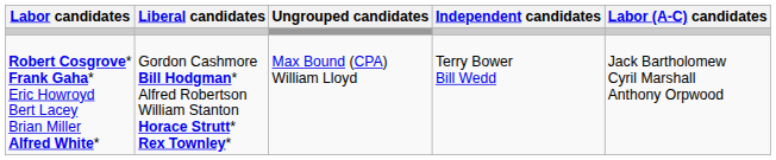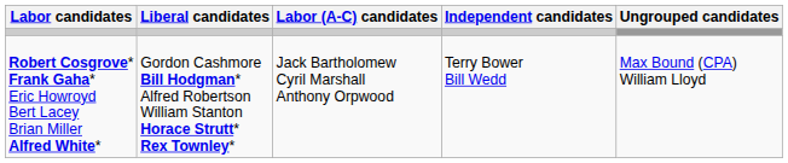 <table class="wikitable">
 <tr>
 <th><a href='#'>Labor</a> candidates</th>
 <th><a href='#'>Liberal</a> candidates</th>
+<th><a href='#'>Labor (A-C)</a> candidates</th>
+<th><a href='#'>Independent</a> candidates</th>
 <th>Ungrouped candidates</th>
-<th><a href='#'>Independent</a> candidates</th>
-<th><a href='#'>Labor (A-C)</a> candidates</th>
 </tr>
 <tr bgcolor="#cccccc">
 <td></td>
 <td></td>
-<td bgcolor="#999999"></td>
 <td></td>
 <td></td>
+<td bgcolor="#999999"></td>
 </tr>
 <tr>
 <td><br><strong><a href='#'>Robert Cosgrove</a></strong>*<br> <strong><a href='#'>Frank Gaha</a></strong>*<br> <a href='#'>Eric Howroyd</a><br> <a href='#'>Bert Lacey</a><br> <a href='#'>Brian Miller</a><br> <strong><a href='#'>Alfred White</a></strong>*</td>
 <td><br>Gordon Cashmore<br> <strong><a href='#'>Bill Hodgman</a></strong>*<br> Alfred Robertson<br> William Stanton<br> <strong><a href='#'>Horace Strutt</a></strong>*<br> <strong><a href='#'>Rex Townley</a></strong>*</td>
+<td valign=top><br>Jack Bartholomew<br> Cyril Marshall<br> Anthony Orpwood</td>
+<td valign=top><br>Terry Bower<br> <a href='#'>Bill Wedd</a></td>
 <td valign=top><br><a href='#'>Max Bound</a> (<a href='#'>CPA</a>)<br> William Lloyd</td>
-<td valign=top><br>Terry Bower<br> <a href='#'>Bill Wedd</a></td>
-<td valign=top><br>Jack Bartholomew<br> Cyril Marshall<br> Anthony Orpwood</td>
 </tr>
 </table>
